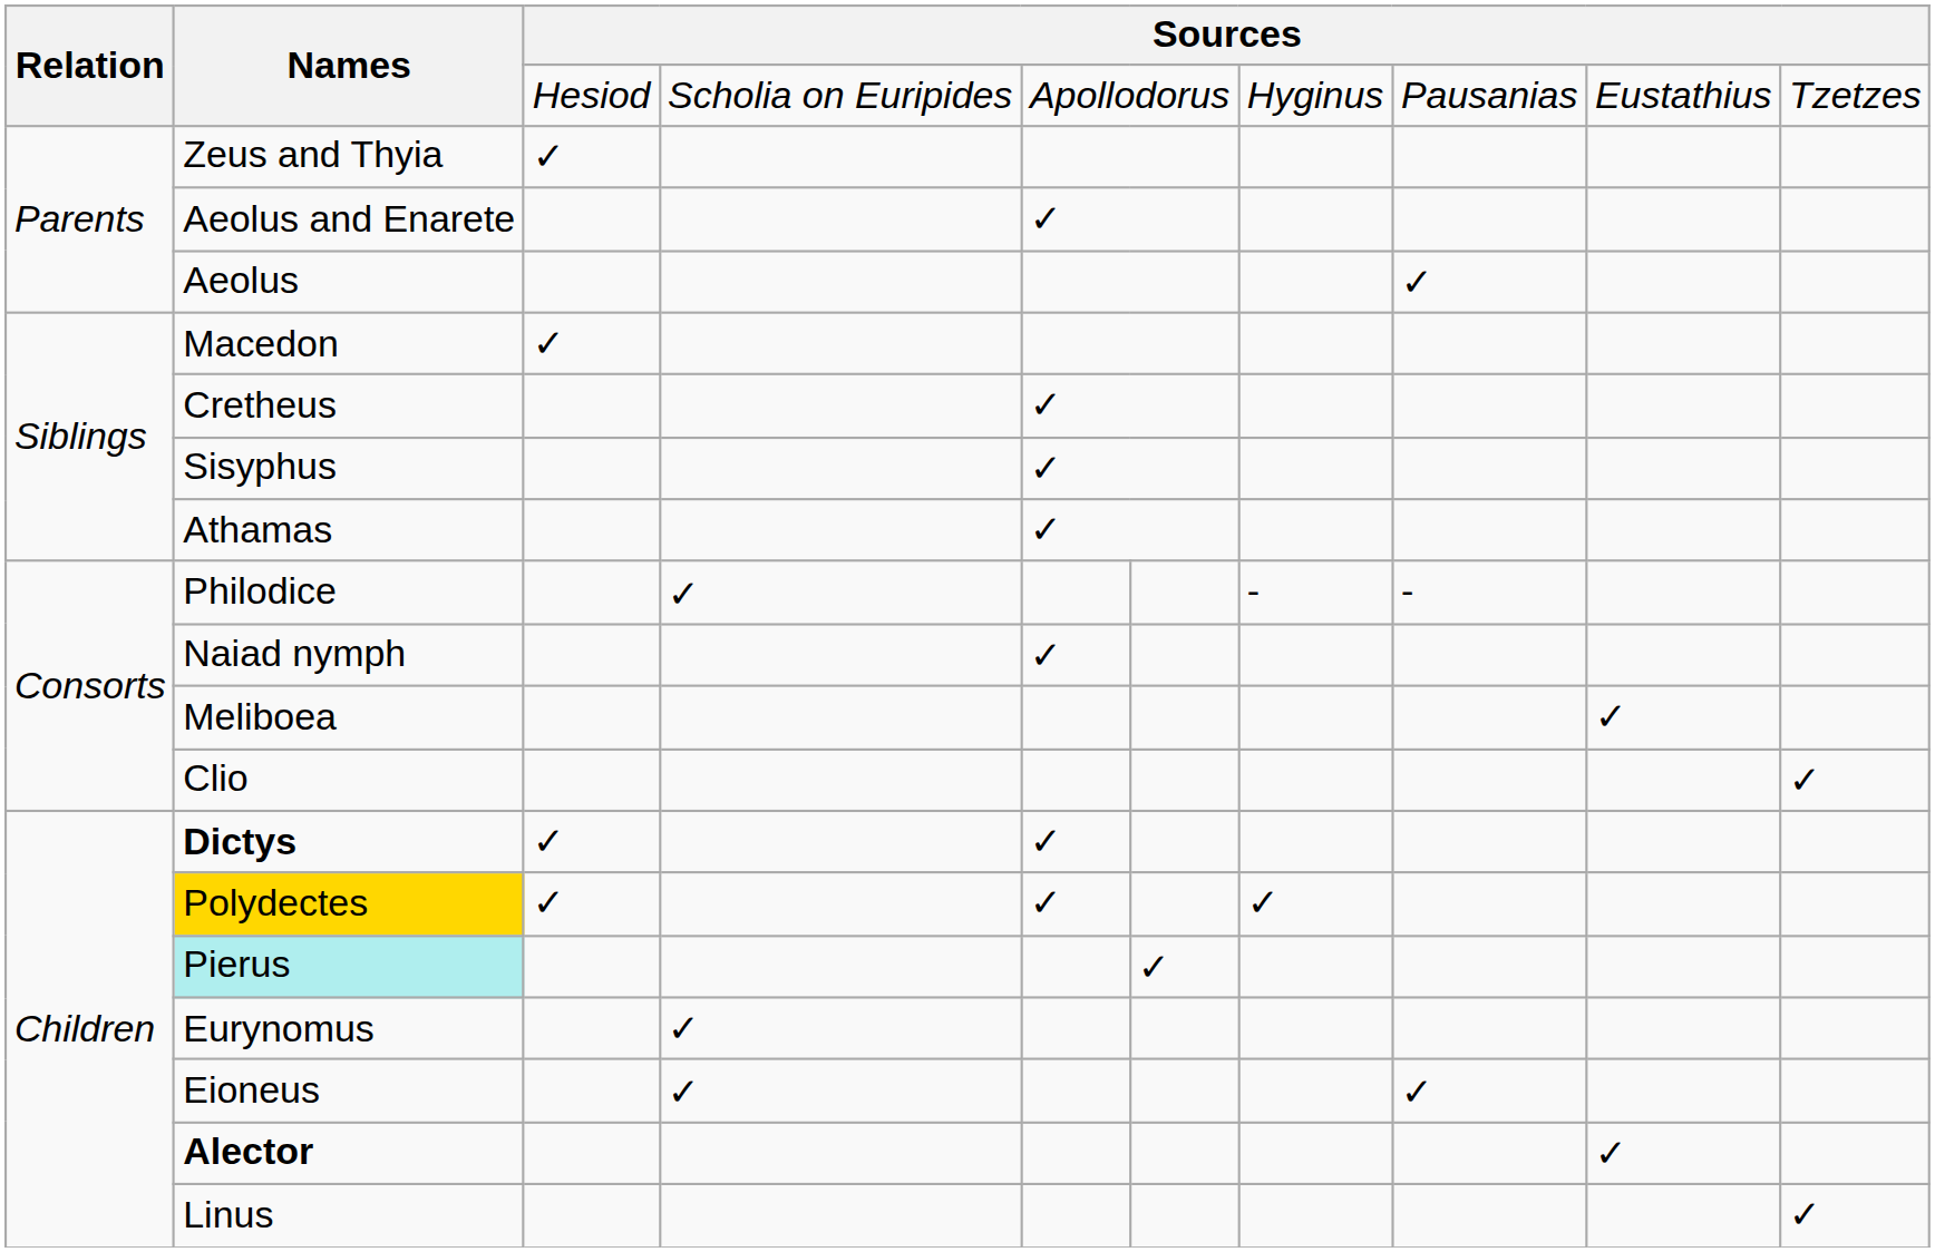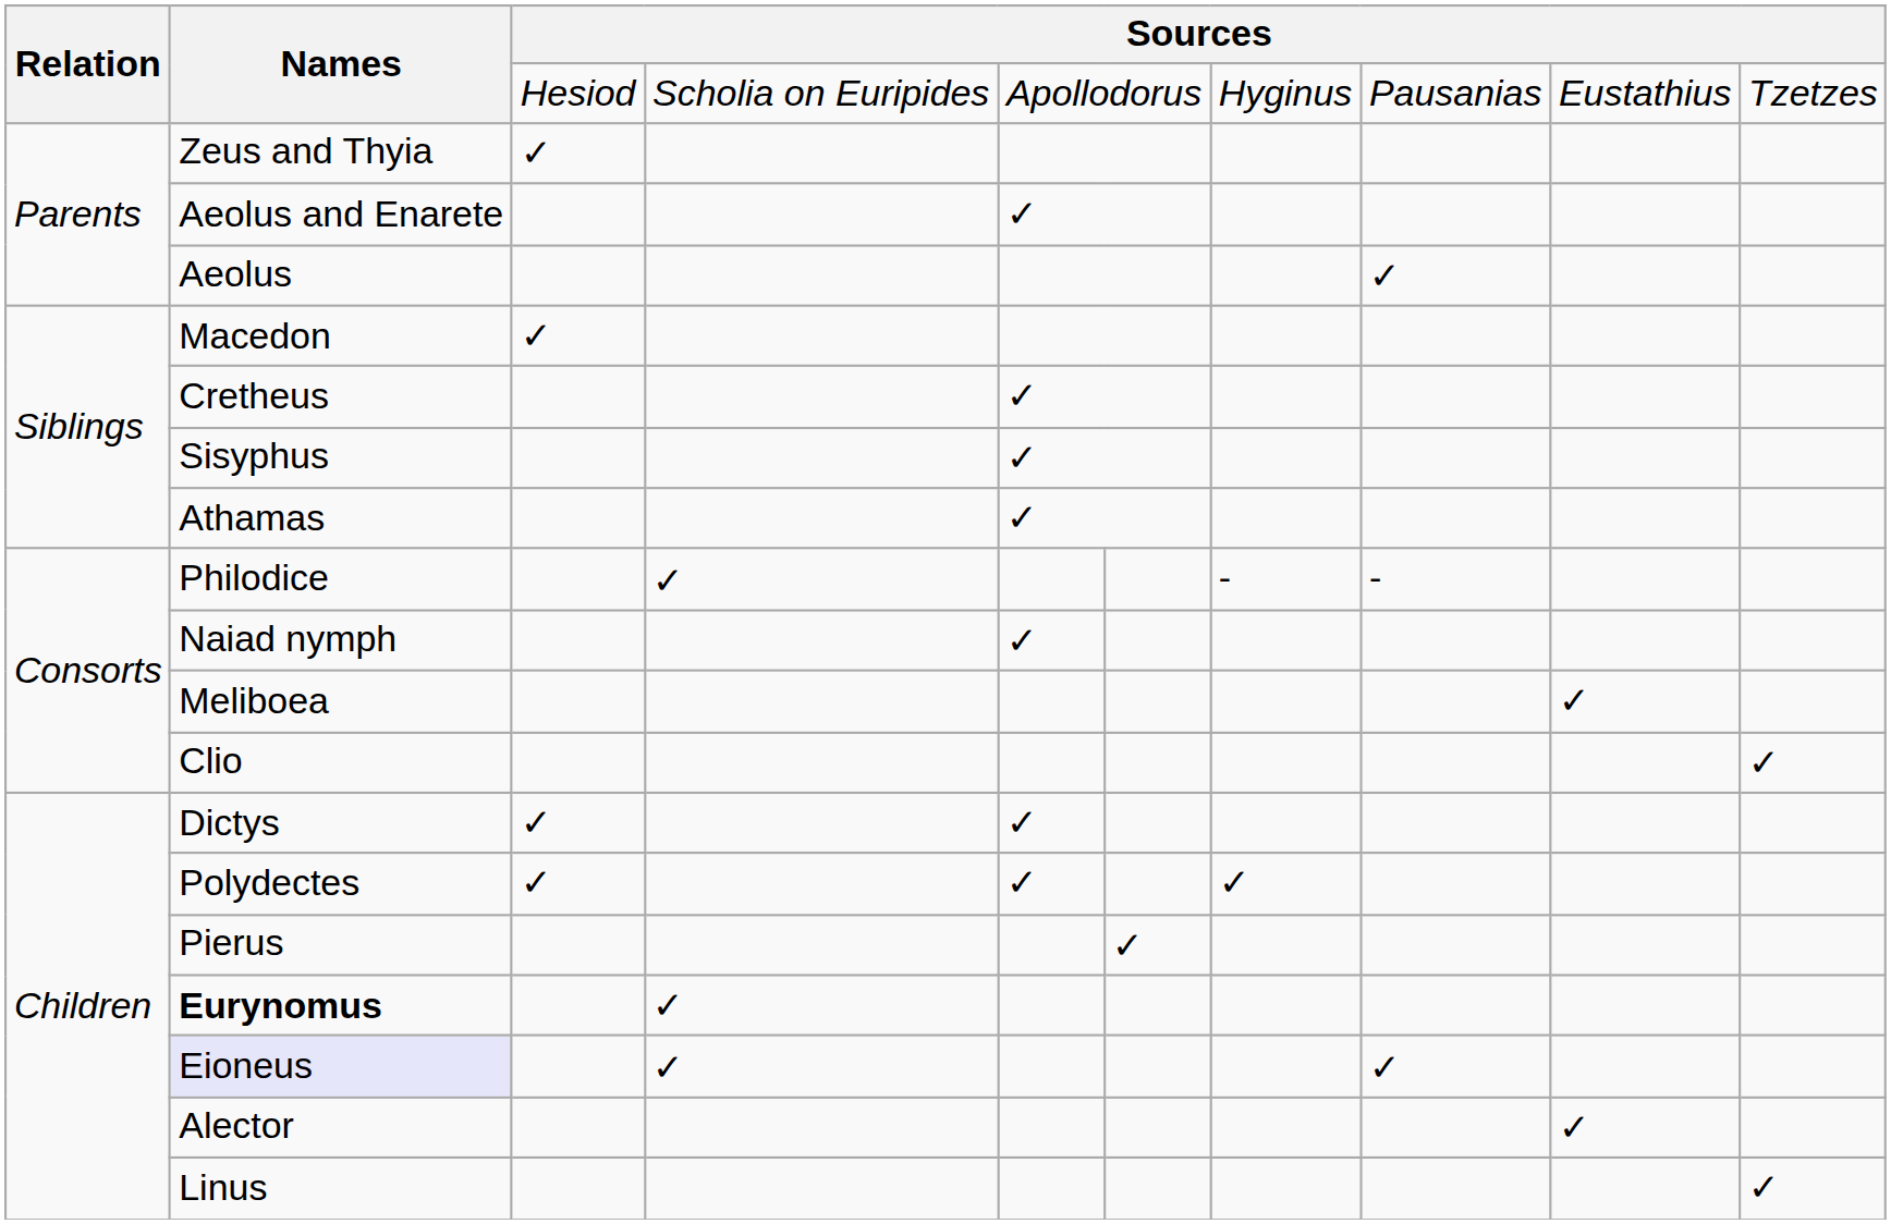 <table class="wikitable">
 <tr>
 <th rowspan="2"><strong>Relation</strong></th>
 <th rowspan="2">Names</th>
 <th colspan="8">Sources</th>
 </tr>
 <tr>
 <td><em>Hesiod</em></td>
 <td><em>Scholia on Euripides</em></td>
 <td colspan="2"><em>Apollodorus</em></td>
 <td><em>Hyginus</em></td>
 <td><em>Pausanias</em></td>
 <td><em>Eustathius</em></td>
 <td><em>Tzetzes</em></td>
 </tr>
 <tr>
 <td rowspan="3"><em>Parents</em></td>
 <td>Zeus and Thyia</td>
 <td>✓</td>
 <td></td>
 <td colspan="2"></td>
 <td></td>
 <td></td>
 <td></td>
 <td></td>
 </tr>
 <tr>
 <td>Aeolus and Enarete</td>
 <td></td>
 <td></td>
 <td colspan="2">✓</td>
 <td></td>
 <td></td>
 <td></td>
 <td></td>
 </tr>
 <tr>
 <td>Aeolus</td>
 <td></td>
 <td></td>
 <td colspan="2"></td>
 <td></td>
 <td>✓</td>
 <td></td>
 <td></td>
 </tr>
 <tr>
 <td rowspan="4"><em>Siblings</em></td>
 <td>Macedon</td>
 <td>✓</td>
 <td></td>
 <td colspan="2"></td>
 <td></td>
 <td></td>
 <td></td>
 <td></td>
 </tr>
 <tr>
 <td>Cretheus</td>
 <td></td>
 <td></td>
 <td colspan="2">✓</td>
 <td></td>
 <td></td>
 <td></td>
 <td></td>
 </tr>
 <tr>
 <td>Sisyphus</td>
 <td></td>
 <td></td>
 <td colspan="2">✓</td>
 <td></td>
 <td></td>
 <td></td>
 <td></td>
 </tr>
 <tr>
 <td>Athamas</td>
 <td></td>
 <td></td>
 <td colspan="2">✓</td>
 <td></td>
 <td></td>
 <td></td>
 <td></td>
 </tr>
 <tr>
 <td rowspan="4"><em>Consorts</em></td>
 <td>Philodice</td>
 <td></td>
 <td>✓</td>
 <td></td>
 <td></td>
 <td>-</td>
 <td>-</td>
 <td></td>
 <td></td>
 </tr>
 <tr>
 <td>Naiad nymph</td>
 <td></td>
 <td></td>
 <td>✓</td>
 <td></td>
 <td></td>
 <td></td>
 <td></td>
 <td></td>
 </tr>
 <tr>
 <td>Meliboea</td>
 <td></td>
 <td></td>
 <td></td>
 <td></td>
 <td></td>
 <td></td>
 <td>✓</td>
 <td></td>
 </tr>
 <tr>
 <td>Clio</td>
 <td></td>
 <td></td>
 <td></td>
 <td></td>
 <td></td>
 <td></td>
 <td></td>
 <td>✓</td>
 </tr>
 <tr>
 <td rowspan="7"><em>Children</em></td>
-<td><strong>Dictys</strong></td>
+<td>Dictys</td>
 <td>✓</td>
 <td></td>
 <td>✓</td>
 <td></td>
 <td></td>
 <td></td>
 <td></td>
 <td></td>
 </tr>
 <tr>
-<td style="background: gold;">Polydectes</td>
+<td>Polydectes</td>
 <td>✓</td>
 <td></td>
 <td>✓</td>
 <td></td>
 <td>✓</td>
 <td></td>
 <td></td>
 <td></td>
 </tr>
 <tr>
-<td style="background: paleturquoise;">Pierus</td>
+<td>Pierus</td>
 <td></td>
 <td></td>
 <td></td>
 <td>✓</td>
 <td></td>
 <td></td>
 <td></td>
 <td></td>
 </tr>
 <tr>
-<td>Eurynomus</td>
+<td><strong>Eurynomus</strong></td>
 <td></td>
 <td>✓</td>
 <td></td>
 <td></td>
 <td></td>
 <td></td>
 <td></td>
 <td></td>
 </tr>
 <tr>
-<td>Eioneus</td>
+<td style="background: lavender;">Eioneus</td>
 <td></td>
 <td>✓</td>
 <td></td>
 <td></td>
 <td></td>
 <td>✓</td>
 <td></td>
 <td></td>
 </tr>
 <tr>
-<td><strong>Alector</strong></td>
+<td>Alector</td>
 <td></td>
 <td></td>
 <td></td>
 <td></td>
 <td></td>
 <td></td>
 <td>✓</td>
 <td></td>
 </tr>
 <tr>
 <td>Linus</td>
 <td></td>
 <td></td>
 <td></td>
 <td></td>
 <td></td>
 <td></td>
 <td></td>
 <td>✓</td>
 </tr>
 </table>
